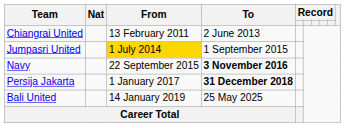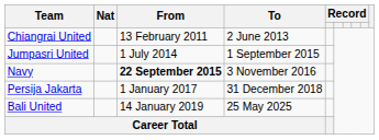 <table class="wikitable" tyle="text-align: center">
 <tr>
 <th rowspan=2>Team</th>
 <th rowspan=2>Nat</th>
 <th rowspan=2>From</th>
 <th rowspan=2>To</th>
 <th colspan=5>Record</th>
 <th rowspan="2"></th>
 </tr>
 <tr>
 <th></th>
 <th></th>
 <th></th>
 <th></th>
 <th></th>
 </tr>
 <tr>
 <td align=left><a href='#'>Chiangrai United</a></td>
 <td></td>
 <td align=left>13 February 2011</td>
 <td align=left>2 June 2013<br></td>
 <td></td>
 </tr>
 <tr>
 <td align=left><a href='#'>Jumpasri United</a></td>
 <td></td>
-<td align=left style="background: gold;">1 July 2014</td>
+<td align=left>1 July 2014</td>
 <td align=left>1 September 2015<br></td>
 <td></td>
 </tr>
 <tr>
 <td align=left><a href='#'>Navy</a></td>
 <td></td>
-<td align=left>22 September 2015</td>
-<td align=left><strong>3 November 2016<br></strong></td>
+<td align=left><strong>22 September 2015</strong></td>
+<td align=left>3 November 2016<br></td>
 <td></td>
 </tr>
 <tr>
 <td align=left><a href='#'>Persija Jakarta</a></td>
 <td></td>
 <td align=left>1 January 2017</td>
-<td align=left><strong>31 December 2018<br></strong></td>
+<td align=left>31 December 2018<br></td>
 <td></td>
 </tr>
 <tr>
 <td align=left><a href='#'>Bali United</a></td>
 <td></td>
 <td align=left>14 January 2019</td>
 <td align=left>25 May 2025<br></td>
 <td></td>
 </tr>
 <tr>
 <th colspan=4>Career Total<br></th>
 <th></th>
 </tr>
 </table>
